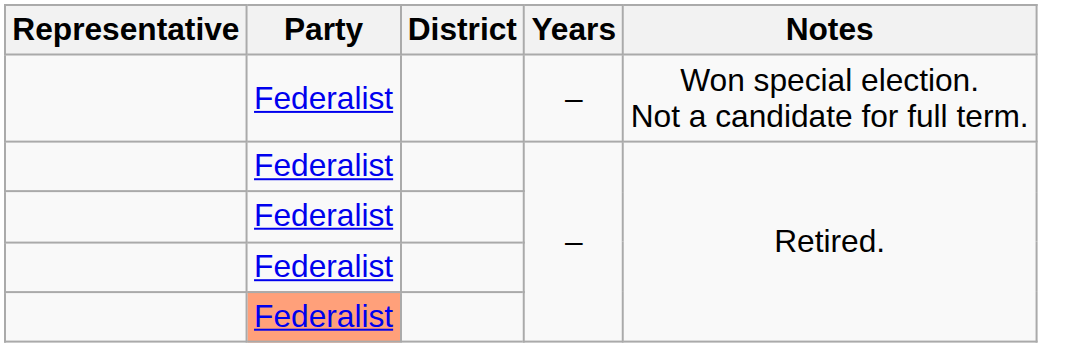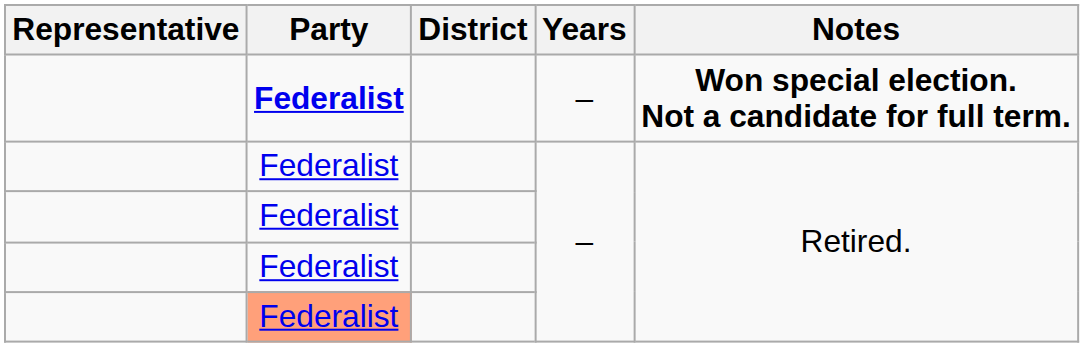 <table class="wikitable sortable" style="text-align:center">
 <tr valign=bottom>
 <th>Representative</th>
 <th>Party</th>
 <th>District</th>
 <th>Years</th>
 <th>Notes</th>
 </tr>
 <tr>
 <td align=left></td>
-<td><a href='#'>Federalist</a></td>
+<td><strong><a href='#'>Federalist</a></strong></td>
 <td></td>
 <td nowrap> –<br></td>
-<td>Won special election.<br>Not a candidate for full term.</td>
+<td><strong>Won special election.<br>Not a candidate for full term.</strong></td>
 </tr>
 <tr>
 <td align=left></td>
 <td><a href='#'>Federalist</a></td>
 <td></td>
 <td rowspan="4" nowrap=""> –<br></td>
 <td rowspan="4">Retired.</td>
 </tr>
 <tr>
 <td align=left></td>
 <td><a href='#'>Federalist</a></td>
 <td></td>
 </tr>
 <tr>
 <td align=left></td>
 <td><a href='#'>Federalist</a></td>
 <td></td>
 </tr>
 <tr>
 <td align=left></td>
 <td style="background: lightsalmon;"><a href='#'>Federalist</a></td>
 <td></td>
 </tr>
 </table>
